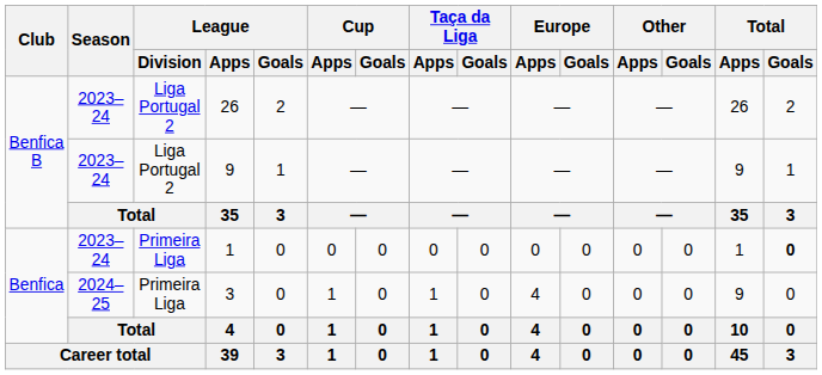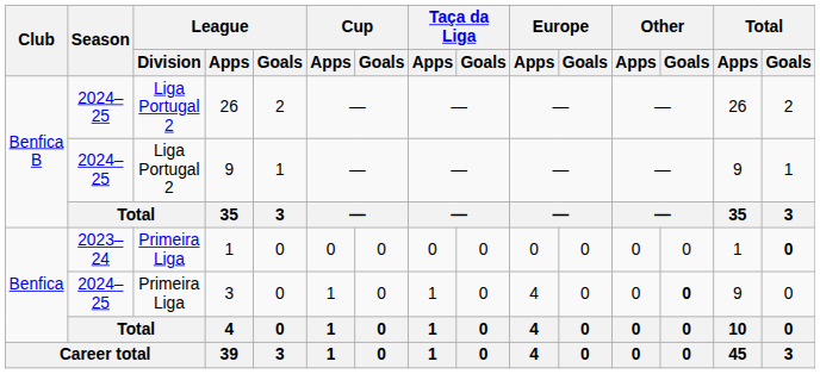 <table class="wikitable" style="text-align:center">
 <tr>
 <th rowspan="2">Club</th>
 <th rowspan="2">Season</th>
 <th colspan="3">League</th>
 <th colspan="2">Cup</th>
 <th colspan="2"><a href='#'>Taça da Liga</a></th>
 <th colspan="2">Europe</th>
 <th colspan="2">Other</th>
 <th colspan="2">Total</th>
 </tr>
 <tr>
 <th>Division</th>
 <th>Apps</th>
 <th>Goals</th>
 <th>Apps</th>
 <th>Goals</th>
 <th>Apps</th>
 <th>Goals</th>
 <th>Apps</th>
 <th>Goals</th>
 <th>Apps</th>
 <th>Goals</th>
 <th>Apps</th>
 <th>Goals</th>
 </tr>
 <tr>
 <td rowspan="3"><a href='#'>Benfica B</a></td>
-<td><a href='#'>2023–24</a></td>
+<td><a href='#'>2024–25</a></td>
 <td><a href='#'>Liga Portugal 2</a></td>
 <td>26</td>
 <td>2</td>
 <td colspan="2">—</td>
 <td colspan="2">—</td>
 <td colspan="2">—</td>
 <td colspan="2">—</td>
 <td>26</td>
 <td>2</td>
 </tr>
 <tr>
-<td><a href='#'>2023–24</a></td>
+<td><a href='#'>2024–25</a></td>
 <td>Liga Portugal 2</td>
 <td>9</td>
 <td>1</td>
 <td colspan="2">—</td>
 <td colspan="2">—</td>
 <td colspan="2">—</td>
 <td colspan="2">—</td>
 <td>9</td>
 <td>1</td>
 </tr>
 <tr>
 <th colspan="2">Total</th>
 <th>35</th>
 <th>3</th>
 <th colspan="2">—</th>
 <th colspan="2">—</th>
 <th colspan="2">—</th>
 <th colspan="2">—</th>
 <th>35</th>
 <th>3</th>
 </tr>
 <tr>
 <td rowspan="3"><a href='#'>Benfica</a></td>
 <td><a href='#'>2023–24</a></td>
 <td><a href='#'>Primeira Liga</a></td>
 <td>1</td>
 <td>0</td>
 <td>0</td>
 <td>0</td>
 <td>0</td>
 <td>0</td>
 <td>0</td>
 <td>0</td>
 <td>0</td>
 <td>0</td>
 <td>1</td>
 <td><strong>0</strong></td>
 </tr>
 <tr>
 <td><a href='#'>2024–25</a></td>
 <td>Primeira Liga</td>
 <td>3</td>
 <td>0</td>
 <td>1</td>
 <td>0</td>
 <td>1</td>
 <td>0</td>
 <td>4</td>
 <td>0</td>
 <td>0</td>
-<td>0</td>
+<td><strong>0</strong></td>
 <td>9</td>
 <td>0</td>
 </tr>
 <tr>
 <th colspan="2">Total</th>
 <th>4</th>
 <th>0</th>
 <th>1</th>
 <th>0</th>
 <th>1</th>
 <th>0</th>
 <th>4</th>
 <th>0</th>
 <th>0</th>
 <th>0</th>
 <th>10</th>
 <th>0</th>
 </tr>
 <tr>
 <th colspan="3">Career total</th>
 <th>39</th>
 <th>3</th>
 <th>1</th>
 <th>0</th>
 <th>1</th>
 <th>0</th>
 <th>4</th>
 <th>0</th>
 <th>0</th>
 <th>0</th>
 <th>45</th>
 <th>3</th>
 </tr>
 </table>
